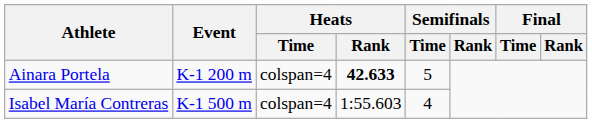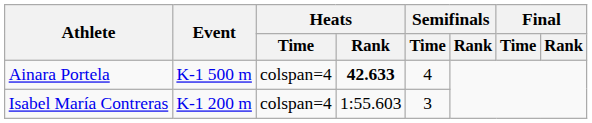 <table class=wikitable style="font-size:90%;">
 <tr>
 <th rowspan=2>Athlete</th>
 <th rowspan=2>Event</th>
 <th colspan=2>Heats</th>
 <th colspan=2>Semifinals</th>
 <th colspan=2>Final</th>
 </tr>
 <tr style="font-size:95%">
 <th>Time</th>
 <th>Rank</th>
 <th>Time</th>
 <th>Rank</th>
 <th>Time</th>
 <th>Rank</th>
 </tr>
 <tr align=center>
 <td align=left><a href='#'>Ainara Portela</a></td>
-<td align=left><a href='#'>K-1 200 m</a></td>
+<td align=left><a href='#'>K-1 500 m</a></td>
 <td>colspan=4 </td>
 <td><strong>42.633</strong></td>
-<td>5</td>
+<td>4</td>
 </tr>
 <tr align=center>
 <td align=left><a href='#'>Isabel María Contreras</a></td>
-<td align=left><a href='#'>K-1 500 m</a></td>
+<td align=left><a href='#'>K-1 200 m</a></td>
 <td>colspan=4 </td>
 <td>1:55.603</td>
-<td>4</td>
+<td>3</td>
 </tr>
 </table>
